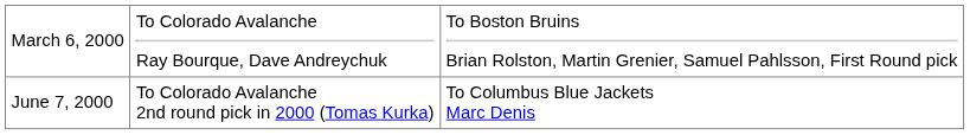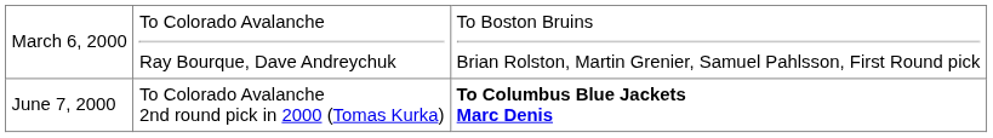 <table border="1" style="border-collapse:collapse;"  cellpadding="5">
 <tr>
 <td>March 6, 2000</td>
 <td valign="top">To Colorado Avalanche <hr>Ray Bourque, Dave Andreychuk</td>
 <td valign="top">To Boston Bruins <hr>Brian Rolston, Martin Grenier, Samuel Pahlsson, First Round pick</td>
 </tr>
 <tr>
 <td>June 7, 2000</td>
 <td valign="top">To Colorado Avalanche<br>2nd round pick in <a href='#'>2000</a> (<a href='#'>Tomas Kurka</a>)</td>
-<td valign="top">To Columbus Blue Jackets<br><a href='#'>Marc Denis</a></td>
+<td valign="top"><strong>To Columbus Blue Jackets<br><a href='#'>Marc Denis</a></strong></td>
 </tr>
 </table>
